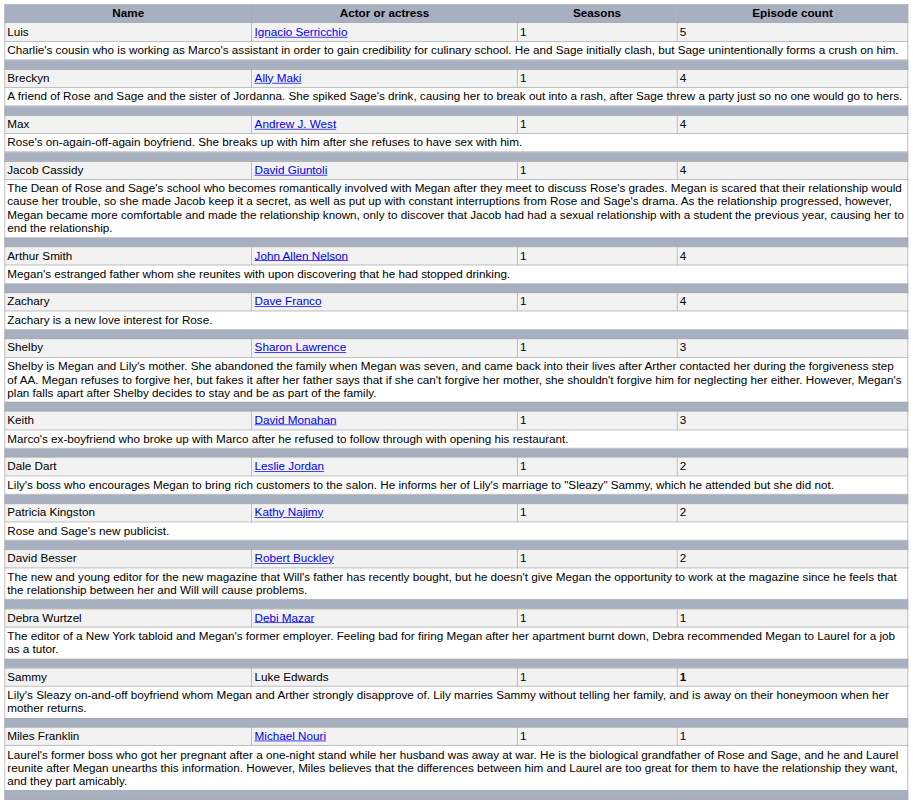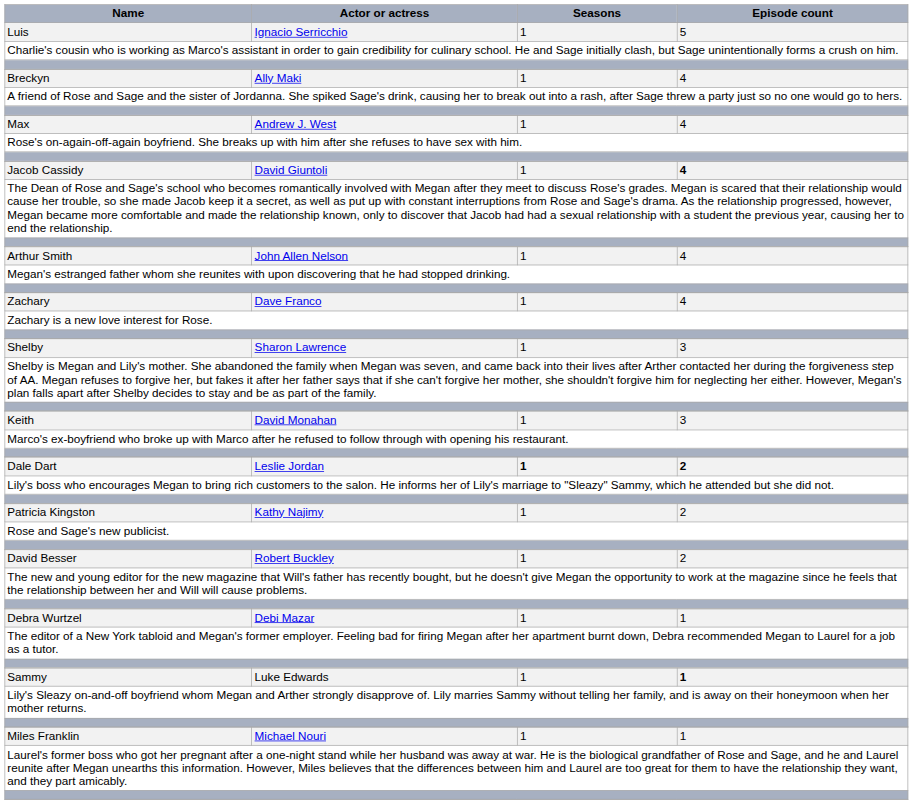 <table class="wikitable" style="width:98%; margin:auto; background-color:#FFFFFF">
 <tr>
 <th style="background-color: #A7B0C1;">Name</th>
 <th style="background-color: #A7B0C1;">Actor or actress</th>
 <th style="background-color: #A7B0C1;">Seasons</th>
 <th style="background-color: #A7B0C1;">Episode count</th>
 </tr>
 <tr style="background-color: #F2F2F2;" |>
 <td><span></span>Luis</td>
 <td><a href='#'>Ignacio Serricchio</a></td>
 <td>1</td>
 <td>5</td>
 </tr>
 <tr>
 <td colspan="5" height="5" sadvfsdavs>Charlie's cousin who is working as Marco's assistant in order to gain credibility for culinary school. He and Sage initially clash, but Sage unintentionally forms a crush on him.</td>
 </tr>
 <tr>
 <td colspan="5" height="5" bgcolor="#A7B0C1"></td>
 </tr>
 <tr>
 </tr>
 <tr style="background-color: #F2F2F2;" |>
 <td><span></span>Breckyn</td>
 <td><a href='#'>Ally Maki</a></td>
 <td>1</td>
 <td>4</td>
 </tr>
 <tr>
 <td colspan="5" height="5" sadvfsdavs>A friend of Rose and Sage and the sister of Jordanna. She spiked Sage's drink, causing her to break out into a rash, after Sage threw a party just so no one would go to hers.</td>
 </tr>
 <tr>
 <td colspan="5" height="5" bgcolor="#A7B0C1"></td>
 </tr>
 <tr>
 </tr>
 <tr style="background-color: #F2F2F2;" |>
 <td><span></span>Max</td>
 <td><a href='#'>Andrew J. West</a></td>
 <td>1</td>
 <td>4</td>
 </tr>
 <tr>
 <td colspan="5" height="5" sadvfsdavs>Rose's on-again-off-again boyfriend. She breaks up with him after she refuses to have sex with him.</td>
 </tr>
 <tr>
 <td colspan="5" height="5" bgcolor="#A7B0C1"></td>
 </tr>
 <tr>
 </tr>
 <tr style="background-color: #F2F2F2;" |>
 <td><span></span>Jacob Cassidy</td>
 <td><a href='#'>David Giuntoli</a></td>
 <td>1</td>
-<td>4</td>
+<td><strong>4</strong></td>
 </tr>
 <tr>
 <td colspan="5" height="5" sadvfsdavs>The Dean of Rose and Sage's school who becomes romantically involved with Megan after they meet to discuss Rose's grades. Megan is scared that their relationship would cause her trouble, so she made Jacob keep it a secret, as well as put up with constant interruptions from Rose and Sage's drama. As the relationship progressed, however, Megan became more comfortable and made the relationship known, only to discover that Jacob had had a sexual relationship with a student the previous year, causing her to end the relationship.</td>
 </tr>
 <tr>
 <td colspan="5" height="5" bgcolor="#A7B0C1"></td>
 </tr>
 <tr>
 </tr>
 <tr style="background-color: #F2F2F2;" |>
 <td><span></span>Arthur Smith</td>
 <td><a href='#'>John Allen Nelson</a></td>
 <td>1</td>
 <td>4</td>
 </tr>
 <tr>
 <td colspan="5" height="5" sadvfsdavs>Megan's estranged father whom she reunites with upon discovering that he had stopped drinking.</td>
 </tr>
 <tr>
 <td colspan="5" height="5" bgcolor="#A7B0C1"></td>
 </tr>
 <tr>
 </tr>
 <tr style="background-color: #F2F2F2;" |>
 <td><span></span>Zachary</td>
 <td><a href='#'>Dave Franco</a></td>
 <td>1</td>
 <td>4</td>
 </tr>
 <tr>
 <td colspan="5" height="5" sadvfsdavs>Zachary is a new love interest for Rose.</td>
 </tr>
 <tr>
 <td colspan="5" height="5" bgcolor="#A7B0C1"></td>
 </tr>
 <tr>
 </tr>
 <tr style="background-color: #F2F2F2;" |>
 <td><span></span>Shelby</td>
 <td><a href='#'>Sharon Lawrence</a></td>
 <td>1</td>
 <td>3</td>
 </tr>
 <tr>
 <td colspan="5" height="5" sadvfsdavs>Shelby is Megan and Lily's mother. She abandoned the family when Megan was seven, and came back into their lives after Arther contacted her during the forgiveness step of AA. Megan refuses to forgive her, but fakes it after her father says that if she can't forgive her mother, she shouldn't forgive him for neglecting her either. However, Megan's plan falls apart after Shelby decides to stay and be as part of the family.</td>
 </tr>
 <tr>
 <td colspan="5" height="5" bgcolor="#A7B0C1"></td>
 </tr>
 <tr>
 </tr>
 <tr style="background-color: #F2F2F2;" |>
 <td><span></span>Keith</td>
 <td><a href='#'>David Monahan</a></td>
 <td>1</td>
 <td>3</td>
 </tr>
 <tr>
 <td colspan="5" height="5" sadvfsdavs>Marco's ex-boyfriend who broke up with Marco after he refused to follow through with opening his restaurant.</td>
 </tr>
 <tr>
 <td colspan="5" height="5" bgcolor="#A7B0C1"></td>
 </tr>
 <tr>
 </tr>
 <tr style="background-color: #F2F2F2;" |>
 <td><span></span>Dale Dart</td>
 <td><a href='#'>Leslie Jordan</a></td>
-<td>1</td>
-<td>2</td>
+<td><strong>1</strong></td>
+<td><strong>2</strong></td>
 </tr>
 <tr>
 <td colspan="5" height="5" sadvfsdavs>Lily's boss who encourages Megan to bring rich customers to the salon. He informs her of Lily's marriage to "Sleazy" Sammy, which he attended but she did not.</td>
 </tr>
 <tr>
 <td colspan="5" height="5" bgcolor="#A7B0C1"></td>
 </tr>
 <tr>
 </tr>
 <tr style="background-color: #F2F2F2;" |>
 <td><span></span>Patricia Kingston</td>
 <td><a href='#'>Kathy Najimy</a></td>
 <td>1</td>
 <td>2</td>
 </tr>
 <tr>
 <td colspan="5" height="5" sadvfsdavs>Rose and Sage's new publicist.</td>
 </tr>
 <tr>
 <td colspan="5" height="5" bgcolor="#A7B0C1"></td>
 </tr>
 <tr>
 </tr>
 <tr style="background-color: #F2F2F2;" |>
 <td><span></span>David Besser</td>
 <td><a href='#'>Robert Buckley</a></td>
 <td>1</td>
 <td>2</td>
 </tr>
 <tr>
 <td colspan="5" height="5" sadvfsdavs>The new and young editor for the new magazine that Will's father has recently bought, but he doesn't give Megan the opportunity to work at the magazine since   he feels that the relationship between her and Will will cause problems.</td>
 </tr>
 <tr>
 <td colspan="5" height="5" bgcolor="#A7B0C1"></td>
 </tr>
 <tr>
 </tr>
 <tr style="background-color: #F2F2F2;" |>
 <td><span></span>Debra Wurtzel</td>
 <td><a href='#'>Debi Mazar</a></td>
 <td>1</td>
 <td>1</td>
 </tr>
 <tr>
 <td colspan="5" height="5" sadvfsdavs>The editor of a New York tabloid and Megan's former employer. Feeling bad for firing Megan after her apartment burnt down, Debra recommended Megan to Laurel for a job as a tutor.</td>
 </tr>
 <tr>
 <td colspan="5" height="5" bgcolor="#A7B0C1"></td>
 </tr>
 <tr>
 </tr>
 <tr style="background-color: #F2F2F2;" |>
 <td><span></span>Sammy</td>
 <td>Luke Edwards</td>
 <td>1</td>
 <td><strong>1</strong></td>
 </tr>
 <tr>
 <td colspan="5" height="5" sadvfsdavs>Lily's Sleazy on-and-off boyfriend whom Megan and Arther strongly disapprove of. Lily marries Sammy without telling her family, and is away on their honeymoon when her mother returns.</td>
 </tr>
 <tr>
 <td colspan="5" height="5" bgcolor="#A7B0C1"></td>
 </tr>
 <tr>
 </tr>
 <tr style="background-color: #F2F2F2;" |>
 <td><span></span>Miles Franklin</td>
 <td><a href='#'>Michael Nouri</a></td>
 <td>1</td>
 <td>1</td>
 </tr>
 <tr>
 <td colspan="5" height="5" sadvfsdavs>Laurel's former boss who got her pregnant after a one-night stand while her husband was away at war. He is the biological grandfather of Rose and Sage, and he and Laurel reunite after Megan unearths this information. However, Miles believes that the differences between him and Laurel are too great for them to have the relationship they want, and they part amicably.</td>
 </tr>
 <tr>
 <td colspan="5" height="5" bgcolor="#A7B0C1"></td>
 </tr>
 <tr>
 </tr>
 </table>
